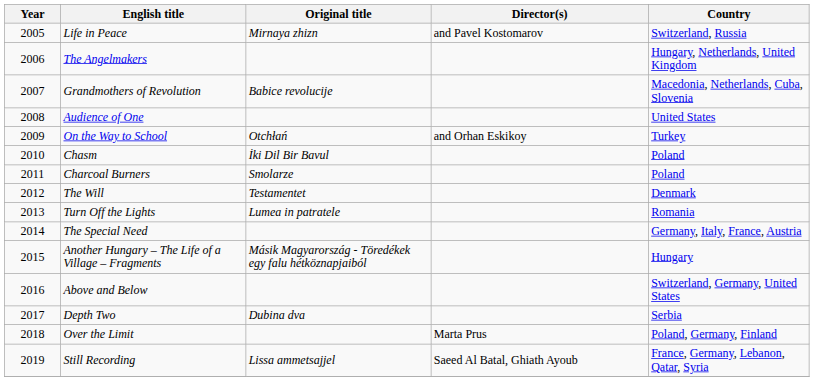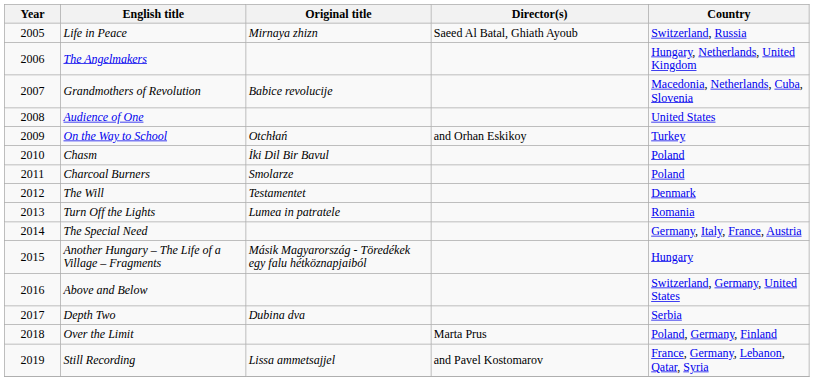 <table class="sortable wikitable" width="85%">
 <tr>
 <th width="7%">Year</th>
 <th width="23%">English title</th>
 <th width="23%">Original title</th>
 <th width="27%">Director(s)</th>
 <th width="20%">Country</th>
 </tr>
 <tr>
 <td style="text-align:center;">2005</td>
 <td><em>Life in Peace</em></td>
 <td><em>Mirnaya zhizn</em></td>
-<td> and Pavel Kostomarov</td>
+<td>Saeed Al Batal, Ghiath Ayoub</td>
 <td><a href='#'>Switzerland</a>, <a href='#'>Russia</a></td>
 </tr>
 <tr>
 <td style="text-align:center;">2006</td>
 <td><em><a href='#'>The Angelmakers</a></em></td>
 <td></td>
 <td></td>
 <td><a href='#'>Hungary</a>, <a href='#'>Netherlands</a>, <a href='#'>United Kingdom</a></td>
 </tr>
 <tr>
 <td style="text-align:center;">2007</td>
 <td><em>Grandmothers of Revolution</em></td>
 <td><em>Babice revolucije</em></td>
 <td></td>
 <td><a href='#'>Macedonia</a>, <a href='#'>Netherlands</a>, <a href='#'>Cuba</a>, <a href='#'>Slovenia</a></td>
 </tr>
 <tr>
 <td style="text-align:center;">2008</td>
 <td><em><a href='#'>Audience of One</a></em></td>
 <td></td>
 <td></td>
 <td><a href='#'>United States</a></td>
 </tr>
 <tr>
 <td style="text-align:center;">2009</td>
 <td><em><a href='#'>On the Way to School</a></em></td>
 <td><em>Otchłań</em></td>
 <td> and Orhan Eskikoy</td>
 <td><a href='#'>Turkey</a></td>
 </tr>
 <tr>
 <td style="text-align:center;">2010</td>
 <td><em>Chasm</em></td>
 <td><em>İki Dil Bir Bavul</em></td>
 <td></td>
 <td><a href='#'>Poland</a></td>
 </tr>
 <tr>
 <td style="text-align:center;">2011</td>
 <td><em>Charcoal Burners</em></td>
 <td><em>Smolarze</em></td>
 <td></td>
 <td><a href='#'>Poland</a></td>
 </tr>
 <tr>
 <td style="text-align:center;">2012</td>
 <td><em>The Will</em></td>
 <td><em>Testamentet</em></td>
 <td></td>
 <td><a href='#'>Denmark</a></td>
 </tr>
 <tr>
 <td style="text-align:center;">2013</td>
 <td><em>Turn Off the Lights</em></td>
 <td><em>Lumea in patratele</em></td>
 <td></td>
 <td><a href='#'>Romania</a></td>
 </tr>
 <tr>
 <td style="text-align:center;">2014</td>
 <td><em>The Special Need</em></td>
 <td></td>
 <td></td>
 <td><a href='#'>Germany</a>, <a href='#'>Italy</a>, <a href='#'>France</a>, <a href='#'>Austria</a></td>
 </tr>
 <tr>
 <td style="text-align:center;">2015</td>
 <td><em>Another Hungary – The Life of a Village – Fragments</em></td>
 <td><em>Másik Magyarország - Töredékek egy falu hétköznapjaiból</em></td>
 <td></td>
 <td><a href='#'>Hungary</a></td>
 </tr>
 <tr>
 <td style="text-align:center;">2016</td>
 <td><em>Above and Below</em></td>
 <td></td>
 <td></td>
 <td><a href='#'>Switzerland</a>, <a href='#'>Germany</a>, <a href='#'>United States</a></td>
 </tr>
 <tr>
 <td style="text-align:center;">2017</td>
 <td><em>Depth Two</em></td>
 <td><em>Dubina dva</em></td>
 <td></td>
 <td><a href='#'>Serbia</a></td>
 </tr>
 <tr>
 <td style="text-align:center;">2018</td>
 <td><em>Over the Limit</em></td>
 <td></td>
 <td>Marta Prus</td>
 <td><a href='#'>Poland</a>, <a href='#'>Germany</a>, <a href='#'>Finland</a></td>
 </tr>
 <tr>
 <td style="text-align:center;">2019</td>
 <td><em>Still Recording</em></td>
 <td><em>Lissa ammetsajjel</em></td>
-<td>Saeed Al Batal, Ghiath Ayoub</td>
+<td> and Pavel Kostomarov</td>
 <td><a href='#'>France</a>, <a href='#'>Germany</a>, <a href='#'>Lebanon</a>, <a href='#'>Qatar</a>, <a href='#'>Syria</a></td>
 </tr>
 <tr>
 </tr>
 </table>
